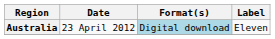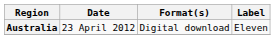 <table class="wikitable plainrowheaders">
 <tr>
 <th scope="col">Region</th>
 <th scope="col">Date</th>
 <th scope="col">Format(s)</th>
 <th scope="col">Label</th>
 </tr>
 <tr>
 <th scope="row">Australia</th>
 <td>23 April 2012</td>
-<td style="background: lightblue;">Digital download</td>
+<td>Digital download</td>
 <td>Eleven</td>
 </tr>
 <tr>
 </tr>
 </table>
